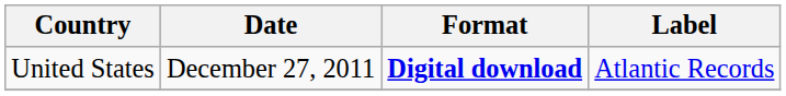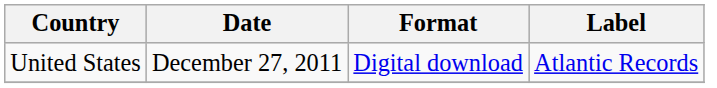 <table class="wikitable">
 <tr>
 <th>Country</th>
 <th>Date</th>
 <th>Format</th>
 <th>Label</th>
 </tr>
 <tr>
 <td>United States</td>
 <td rowspan="1">December 27, 2011</td>
-<td rowspan="1"><strong><a href='#'>Digital download</a></strong></td>
+<td rowspan="1"><a href='#'>Digital download</a></td>
 <td rowspan="1"><a href='#'>Atlantic Records</a></td>
 </tr>
 <tr>
 </tr>
 </table>
